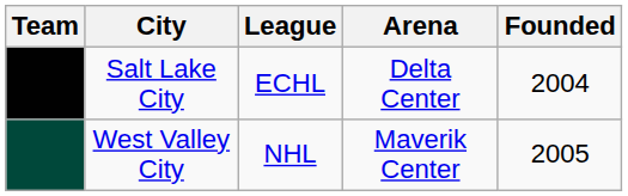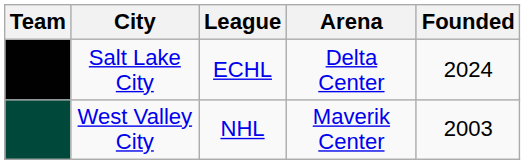 <table class="wikitable sortable" style="text-align:center;" width="60%">
 <tr>
 <th>Team</th>
 <th>City</th>
 <th>League</th>
 <th>Arena</th>
 <th>Founded</th>
 </tr>
 <tr>
 <td style="color:white; background:#010101; "><strong><a href='#'></a></strong></td>
 <td><a href='#'>Salt Lake City</a></td>
 <td><a href='#'>ECHL</a></td>
 <td><a href='#'>Delta Center</a></td>
-<td>2004</td>
+<td>2024</td>
 </tr>
 <tr>
 <td style="color:white; background:#00483a; "><strong><a href='#'></a></strong></td>
 <td><a href='#'>West Valley City</a></td>
 <td><a href='#'>NHL</a></td>
 <td><a href='#'>Maverik Center</a></td>
-<td>2005</td>
+<td>2003</td>
 </tr>
 </table>
